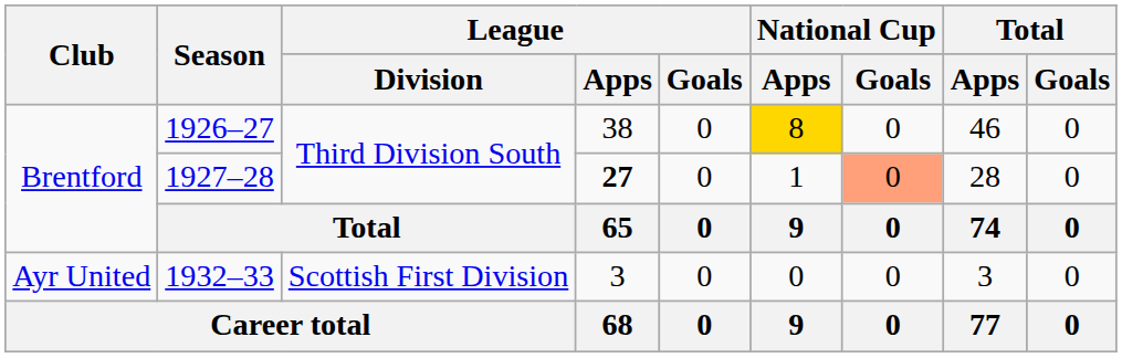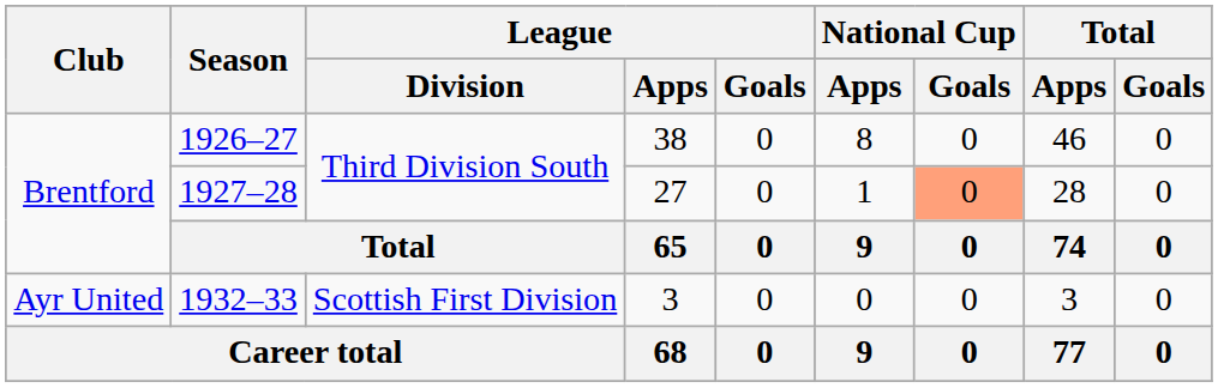 <table class="wikitable" style="text-align: center;">
 <tr>
 <th rowspan="2">Club</th>
 <th rowspan="2">Season</th>
 <th colspan="3">League</th>
 <th colspan="2">National Cup</th>
 <th colspan="2">Total</th>
 </tr>
 <tr>
 <th>Division</th>
 <th>Apps</th>
 <th>Goals</th>
 <th>Apps</th>
 <th>Goals</th>
 <th>Apps</th>
 <th>Goals</th>
 </tr>
 <tr>
 <td rowspan="3"><a href='#'>Brentford</a></td>
 <td><a href='#'>1926–27</a></td>
 <td rowspan="2"><a href='#'>Third Division South</a></td>
 <td>38</td>
 <td>0</td>
-<td style="background: gold;">8</td>
+<td>8</td>
 <td>0</td>
 <td>46</td>
 <td>0</td>
 </tr>
 <tr>
 <td><a href='#'>1927–28</a></td>
-<td><strong>27</strong></td>
+<td>27</td>
 <td>0</td>
 <td>1</td>
 <td style="background: lightsalmon;">0</td>
 <td>28</td>
 <td>0</td>
 </tr>
 <tr>
 <th colspan="2">Total</th>
 <th>65</th>
 <th>0</th>
 <th>9</th>
 <th>0</th>
 <th>74</th>
 <th>0</th>
 </tr>
 <tr>
 <td><a href='#'>Ayr United</a></td>
 <td><a href='#'>1932–33</a></td>
 <td><a href='#'>Scottish First Division</a></td>
 <td>3</td>
 <td>0</td>
 <td>0</td>
 <td>0</td>
 <td>3</td>
 <td>0</td>
 </tr>
 <tr>
 <th colspan="3">Career total</th>
 <th>68</th>
 <th>0</th>
 <th>9</th>
 <th>0</th>
 <th>77</th>
 <th>0</th>
 </tr>
 </table>
